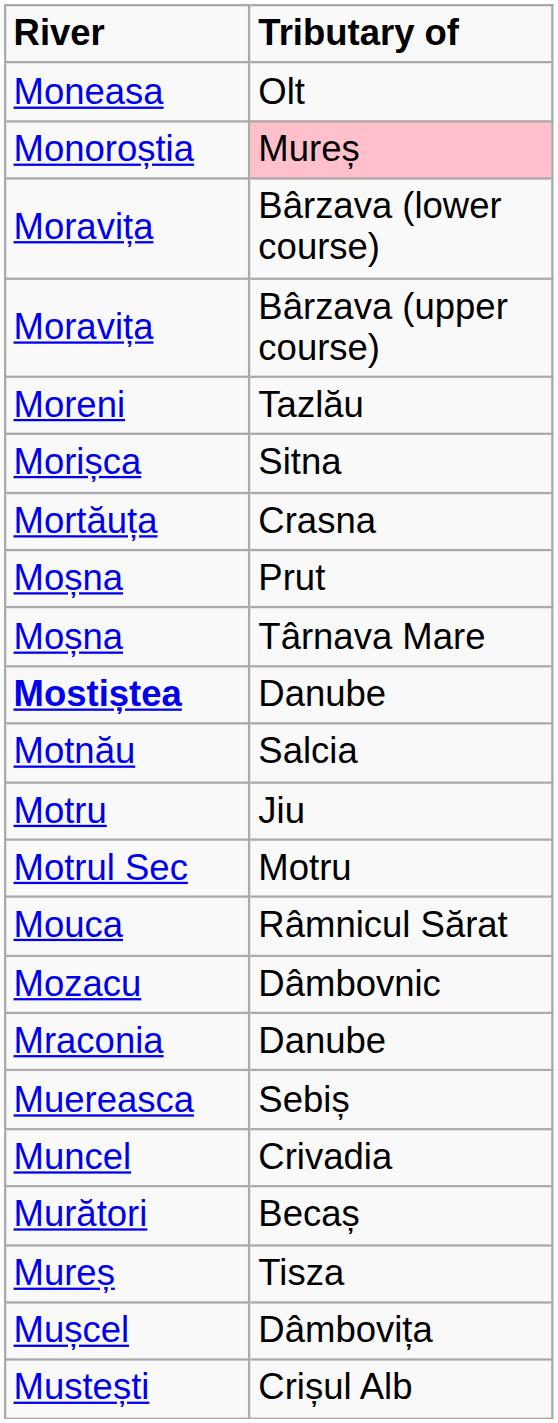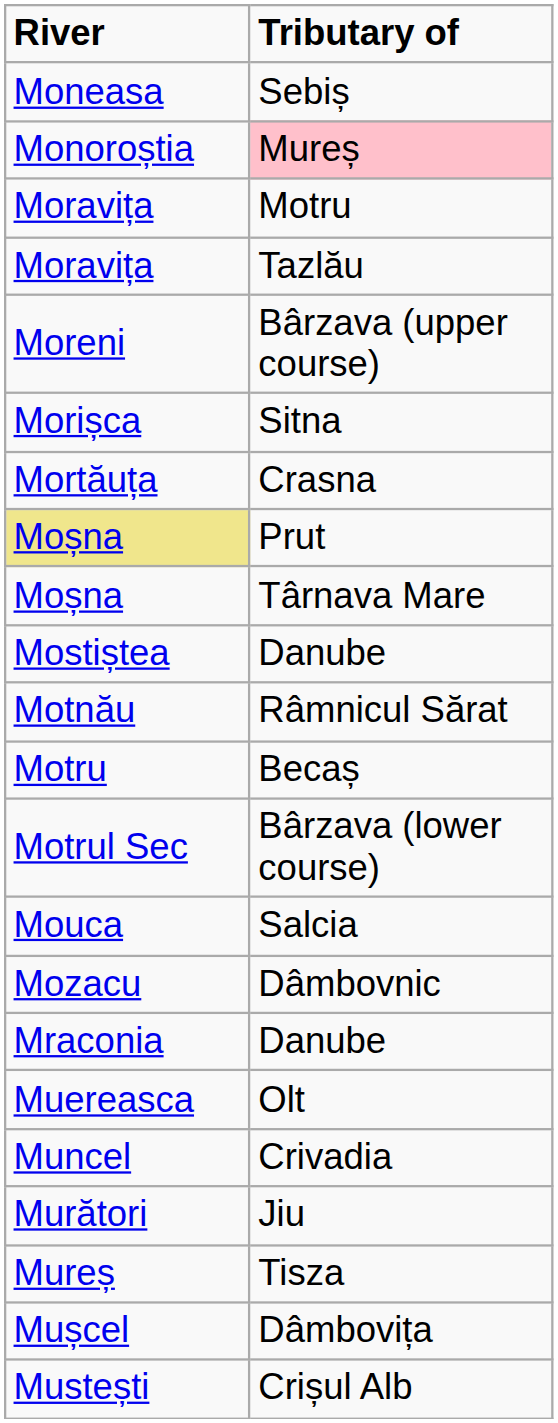 <table class="wikitable">
 <tr>
 <td width="100pt"><strong>River</strong></td>
 <td width="125pt"><strong>Tributary of</strong></td>
 </tr>
 <tr>
 <td><a href='#'>Moneasa</a></td>
-<td>Olt</td>
+<td>Sebiș</td>
 </tr>
 <tr>
 <td><a href='#'>Monoroștia</a></td>
 <td style="background: pink;">Mureș</td>
 </tr>
 <tr>
 <td><a href='#'>Moravița</a></td>
-<td>Bârzava (lower course)</td>
+<td>Motru</td>
 </tr>
 <tr>
 <td><a href='#'>Moravița</a></td>
-<td>Bârzava (upper course)</td>
+<td>Tazlău</td>
 </tr>
 <tr>
 <td><a href='#'>Moreni</a></td>
-<td>Tazlău</td>
+<td>Bârzava (upper course)</td>
 </tr>
 <tr>
 <td><a href='#'>Morișca</a></td>
 <td>Sitna</td>
 </tr>
 <tr>
 <td><a href='#'>Mortăuța</a></td>
 <td>Crasna</td>
 </tr>
 <tr>
-<td><a href='#'>Moșna</a></td>
+<td style="background: khaki;"><a href='#'>Moșna</a></td>
 <td>Prut</td>
 </tr>
 <tr>
 <td><a href='#'>Moșna</a></td>
 <td>Târnava Mare</td>
 </tr>
 <tr>
-<td><strong><a href='#'>Mostiștea</a></strong></td>
+<td><a href='#'>Mostiștea</a></td>
 <td>Danube</td>
 </tr>
 <tr>
 <td><a href='#'>Motnău</a></td>
-<td>Salcia</td>
+<td>Râmnicul Sărat</td>
 </tr>
 <tr>
 <td><a href='#'>Motru</a></td>
-<td>Jiu</td>
+<td>Becaș</td>
 </tr>
 <tr>
 <td><a href='#'>Motrul Sec</a></td>
-<td>Motru</td>
+<td>Bârzava (lower course)</td>
 </tr>
 <tr>
 <td><a href='#'>Mouca</a></td>
-<td>Râmnicul Sărat</td>
+<td>Salcia</td>
 </tr>
 <tr>
 <td><a href='#'>Mozacu</a></td>
 <td>Dâmbovnic</td>
 </tr>
 <tr>
 <td><a href='#'>Mraconia</a></td>
 <td>Danube</td>
 </tr>
 <tr>
 <td><a href='#'>Muereasca</a></td>
-<td>Sebiș</td>
+<td>Olt</td>
 </tr>
 <tr>
 <td><a href='#'>Muncel</a></td>
 <td>Crivadia</td>
 </tr>
 <tr>
 <td><a href='#'>Murători</a></td>
-<td>Becaș</td>
+<td>Jiu</td>
 </tr>
 <tr>
 <td><a href='#'>Mureș</a></td>
 <td>Tisza</td>
 </tr>
 <tr>
 <td><a href='#'>Mușcel</a></td>
 <td>Dâmbovița</td>
 </tr>
 <tr>
 <td><a href='#'>Mustești</a></td>
 <td>Crișul Alb</td>
 </tr>
 </table>
